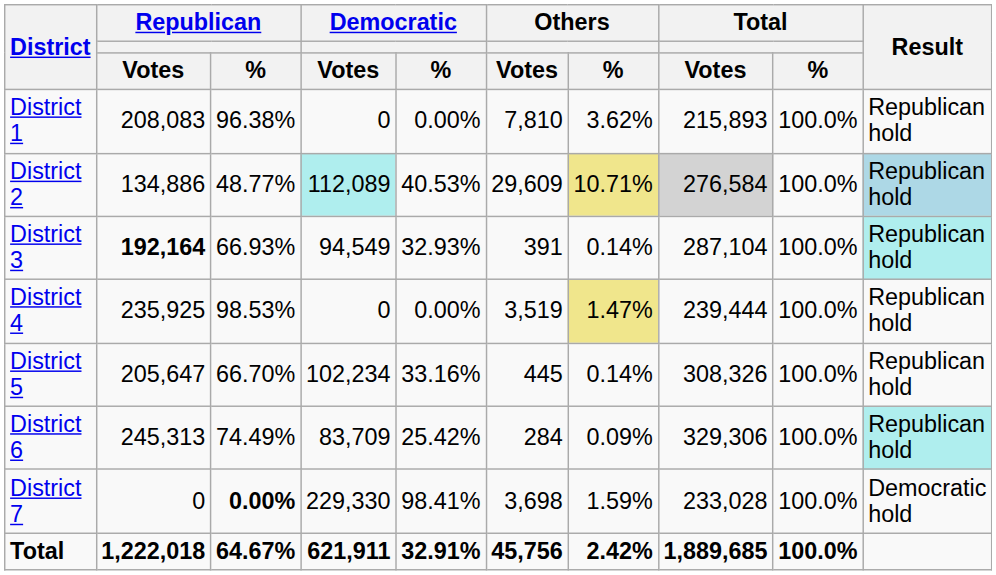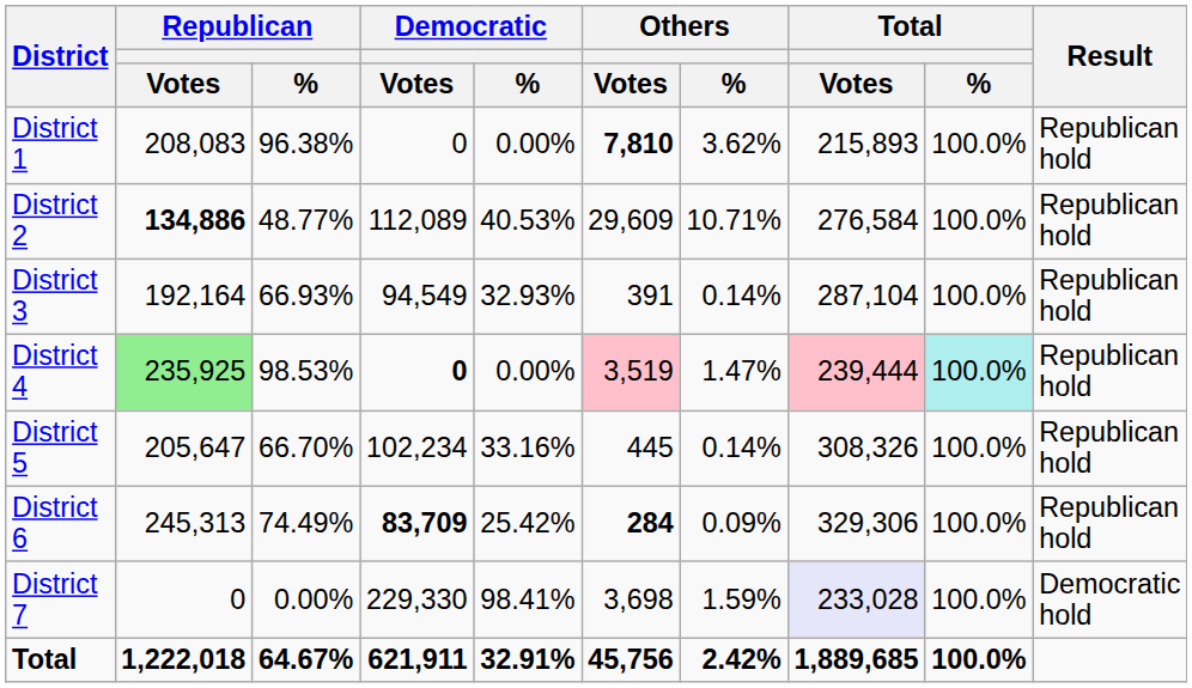 <table class="wikitable plainrowheaders sortable" style="font-size:100%; text-align:right;">
 <tr>
 <th scope=col rowspan=3><a href='#'>District</a></th>
 <th scope=col colspan=2><a href='#'>Republican</a></th>
 <th scope=col colspan=2><a href='#'>Democratic</a></th>
 <th scope=col colspan=2>Others</th>
 <th scope=col colspan=2>Total</th>
 <th scope=col rowspan=3>Result</th>
 </tr>
 <tr>
 <th scope=col colspan=2 style="background:"></th>
 <th scope=col colspan=2 style="background:"></th>
 <th scope=col colspan=2></th>
 <th scope=col colspan=2></th>
 </tr>
 <tr>
 <th scope=col data-sort-type="number">Votes</th>
 <th scope=col data-sort-type="number">%</th>
 <th scope=col data-sort-type="number">Votes</th>
 <th scope=col data-sort-type="number">%</th>
 <th scope=col data-sort-type="number">Votes</th>
 <th scope=col data-sort-type="number">%</th>
 <th scope=col data-sort-type="number">Votes</th>
 <th scope=col data-sort-type="number">%</th>
 </tr>
 <tr>
 <td align=left><a href='#'>District 1</a></td>
 <td>208,083</td>
 <td>96.38%</td>
 <td>0</td>
 <td>0.00%</td>
-<td>7,810</td>
+<td><strong>7,810</strong></td>
 <td>3.62%</td>
 <td>215,893</td>
 <td>100.0%</td>
 <td align=left>Republican hold</td>
 </tr>
 <tr>
 <td align=left><a href='#'>District 2</a></td>
-<td>134,886</td>
+<td><strong>134,886</strong></td>
 <td>48.77%</td>
-<td style="background: paleturquoise;">112,089</td>
+<td>112,089</td>
 <td>40.53%</td>
 <td>29,609</td>
-<td style="background: khaki;">10.71%</td>
-<td style="background: lightgrey;">276,584</td>
+<td>10.71%</td>
+<td>276,584</td>
 <td>100.0%</td>
-<td align=left style="background: lightblue;">Republican hold</td>
+<td align=left>Republican hold</td>
 </tr>
 <tr>
 <td align=left><a href='#'>District 3</a></td>
-<td><strong>192,164</strong></td>
+<td>192,164</td>
 <td>66.93%</td>
 <td>94,549</td>
 <td>32.93%</td>
 <td>391</td>
 <td>0.14%</td>
 <td>287,104</td>
 <td>100.0%</td>
-<td align=left style="background: paleturquoise;">Republican hold</td>
+<td align=left>Republican hold</td>
 </tr>
 <tr>
 <td align=left><a href='#'>District 4</a></td>
-<td>235,925</td>
+<td style="background: lightgreen;">235,925</td>
 <td>98.53%</td>
-<td>0</td>
+<td><strong>0</strong></td>
 <td>0.00%</td>
-<td>3,519</td>
-<td style="background: khaki;">1.47%</td>
-<td>239,444</td>
-<td>100.0%</td>
+<td style="background: pink;">3,519</td>
+<td>1.47%</td>
+<td style="background: pink;">239,444</td>
+<td style="background: paleturquoise;">100.0%</td>
 <td align=left>Republican hold</td>
 </tr>
 <tr>
 <td align=left><a href='#'>District 5</a></td>
 <td>205,647</td>
 <td>66.70%</td>
 <td>102,234</td>
 <td>33.16%</td>
 <td>445</td>
 <td>0.14%</td>
 <td>308,326</td>
 <td>100.0%</td>
 <td align=left>Republican hold</td>
 </tr>
 <tr>
 <td align=left><a href='#'>District 6</a></td>
 <td>245,313</td>
 <td>74.49%</td>
-<td>83,709</td>
+<td><strong>83,709</strong></td>
 <td>25.42%</td>
-<td>284</td>
+<td><strong>284</strong></td>
 <td>0.09%</td>
 <td>329,306</td>
 <td>100.0%</td>
-<td align=left style="background: paleturquoise;">Republican hold</td>
+<td align=left>Republican hold</td>
 </tr>
 <tr>
 <td align=left><a href='#'>District 7</a></td>
 <td>0</td>
-<td><strong>0.00%</strong></td>
+<td>0.00%</td>
 <td>229,330</td>
 <td>98.41%</td>
 <td>3,698</td>
 <td>1.59%</td>
-<td>233,028</td>
+<td style="background: lavender;">233,028</td>
 <td>100.0%</td>
 <td align=left>Democratic hold</td>
 </tr>
 <tr class="sortbottom" style="font-weight:bold">
 <td align=left>Total</td>
 <td>1,222,018</td>
 <td>64.67%</td>
 <td>621,911</td>
 <td>32.91%</td>
 <td>45,756</td>
 <td>2.42%</td>
 <td>1,889,685</td>
 <td>100.0%</td>
 <td></td>
 </tr>
 </table>
